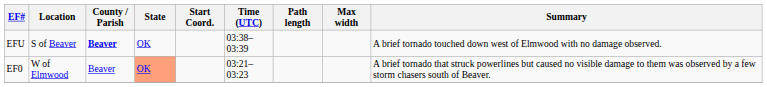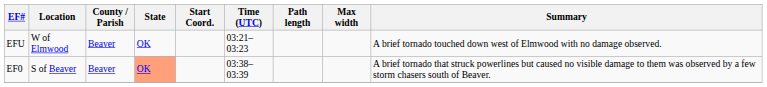 <table class="wikitable sortable" style="width:100%;">
 <tr>
 <th scope="col"  style="width:3%; text-align:center;"><a href='#'>EF#</a></th>
 <th scope="col"  style="width:7%; text-align:center;" class="unsortable">Location</th>
 <th scope="col"  style="width:6%; text-align:center;" class="unsortable">County / Parish</th>
 <th scope="col"  style="width:5%; text-align:center;">State</th>
 <th scope="col"  style="width:6%; text-align:center;">Start Coord.</th>
 <th scope="col"  style="width:6%; text-align:center;">Time (<a href='#'>UTC</a>)</th>
 <th scope="col"  style="width:6%; text-align:center;">Path length</th>
 <th scope="col"  style="width:6%; text-align:center;">Max width</th>
 <th scope="col" class="unsortable" style="width:48%; text-align:center;">Summary</th>
 </tr>
 <tr>
 <td>EFU</td>
-<td>S of <a href='#'>Beaver</a></td>
-<td><strong><a href='#'>Beaver</a></strong></td>
+<td>W of <a href='#'>Elmwood</a></td>
+<td><a href='#'>Beaver</a></td>
 <td><a href='#'>OK</a></td>
 <td></td>
-<td>03:38–03:39</td>
+<td>03:21–03:23</td>
 <td></td>
 <td></td>
 <td>A brief tornado touched down west of Elmwood with no damage observed.</td>
 </tr>
 <tr>
 <td>EF0</td>
-<td>W of <a href='#'>Elmwood</a></td>
+<td>S of <a href='#'>Beaver</a></td>
 <td><a href='#'>Beaver</a></td>
 <td style="background: lightsalmon;"><a href='#'>OK</a></td>
 <td></td>
-<td>03:21–03:23</td>
+<td>03:38–03:39</td>
 <td></td>
 <td></td>
 <td>A brief tornado that struck powerlines but caused no visible damage to them was observed by a few storm chasers south of Beaver.</td>
 </tr>
 <tr>
 </tr>
 </table>
